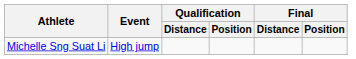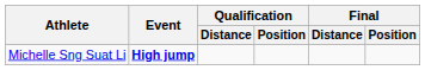 <table class=wikitable style="font-size:90%">
 <tr>
 <th rowspan="2">Athlete</th>
 <th rowspan="2">Event</th>
 <th colspan="2">Qualification</th>
 <th colspan="2">Final</th>
 </tr>
 <tr style="font-size:95%">
 <th>Distance</th>
 <th>Position</th>
 <th>Distance</th>
 <th>Position</th>
 </tr>
 <tr align=center>
 <td align=left><a href='#'>Michelle Sng Suat Li</a></td>
-<td align=left><a href='#'>High jump</a></td>
+<td align=left><strong><a href='#'>High jump</a></strong></td>
 <td></td>
 <td></td>
 <td></td>
 <td></td>
 </tr>
 </table>
